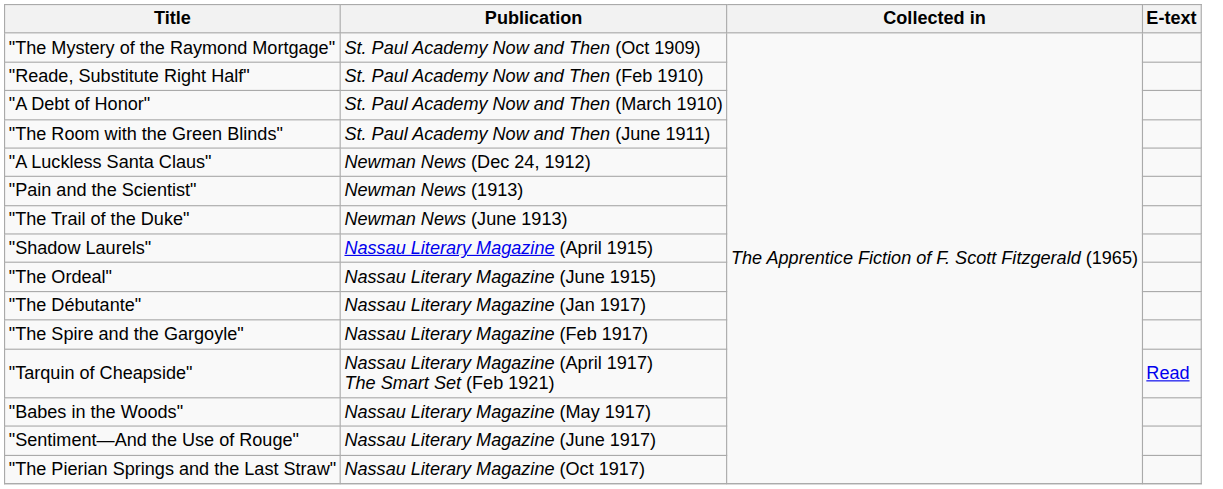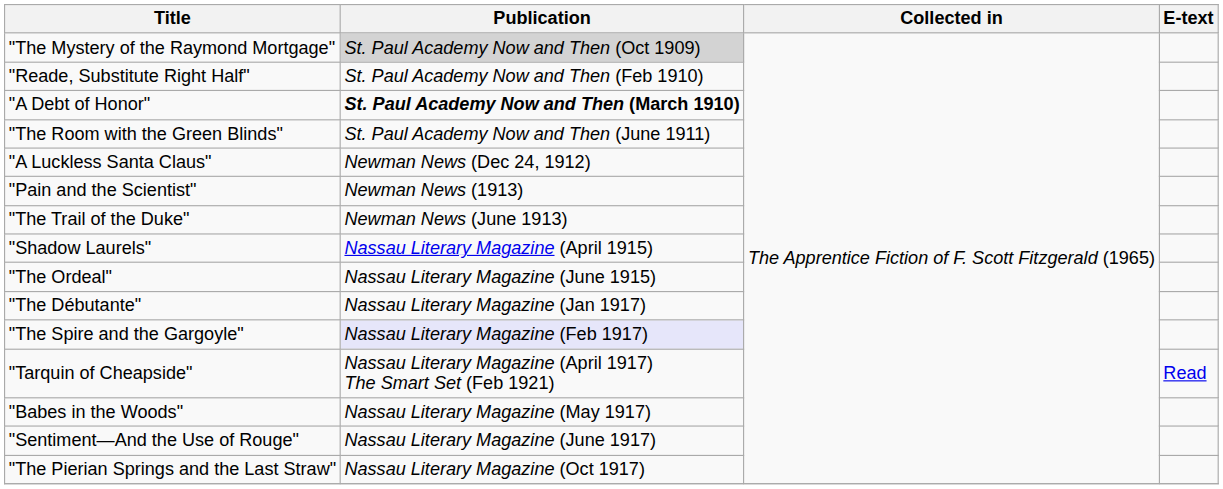 <table class="wikitable">
 <tr>
 <th>Title</th>
 <th>Publication</th>
 <th>Collected in</th>
 <th>E-text</th>
 </tr>
 <tr>
 <td>"The Mystery of the Raymond Mortgage"</td>
-<td><em>St. Paul Academy Now and Then</em> (Oct 1909)</td>
+<td style="background: lightgrey;"><em>St. Paul Academy Now and Then</em> (Oct 1909)</td>
 <td rowspan=15><em>The Apprentice Fiction of F. Scott Fitzgerald</em> (1965)</td>
 <td></td>
 </tr>
 <tr>
 <td>"Reade, Substitute Right Half"</td>
 <td><em>St. Paul Academy Now and Then</em> (Feb 1910)</td>
 <td></td>
 </tr>
 <tr>
 <td>"A Debt of Honor"</td>
-<td><em>St. Paul Academy Now and Then</em> (March 1910)</td>
+<td><strong><em>St. Paul Academy Now and Then</em> (March 1910)</strong></td>
 <td></td>
 </tr>
 <tr>
 <td>"The Room with the Green Blinds"</td>
 <td><em>St. Paul Academy Now and Then</em> (June 1911)</td>
 <td></td>
 </tr>
 <tr>
 <td>"A Luckless Santa Claus"</td>
 <td><em>Newman News</em> (Dec 24, 1912)</td>
 <td></td>
 </tr>
 <tr>
 <td>"Pain and the Scientist"</td>
 <td><em>Newman News</em>  (1913)</td>
 <td></td>
 </tr>
 <tr>
 <td>"The Trail of the Duke"</td>
 <td><em>Newman News</em> (June 1913)</td>
 <td></td>
 </tr>
 <tr>
 <td>"Shadow Laurels"</td>
 <td><em><a href='#'>Nassau Literary Magazine</a></em> (April 1915)</td>
 <td></td>
 </tr>
 <tr>
 <td>"The Ordeal"</td>
 <td><em>Nassau Literary Magazine</em> (June 1915)</td>
 <td></td>
 </tr>
 <tr>
 <td>"The Débutante"</td>
 <td><em>Nassau Literary Magazine</em> (Jan 1917)</td>
 <td></td>
 </tr>
 <tr>
 <td>"The Spire and the Gargoyle"</td>
-<td><em>Nassau Literary Magazine</em> (Feb 1917)</td>
+<td style="background: lavender;"><em>Nassau Literary Magazine</em> (Feb 1917)</td>
 <td></td>
 </tr>
 <tr>
 <td>"Tarquin of Cheapside"</td>
 <td><em>Nassau Literary Magazine</em> (April 1917)<br><em>The Smart Set</em> (Feb 1921)</td>
 <td><a href='#'>Read</a></td>
 </tr>
 <tr>
 <td>"Babes in the Woods"</td>
 <td><em>Nassau Literary Magazine</em> (May 1917)</td>
 <td></td>
 </tr>
 <tr>
 <td>"Sentiment—And the Use of Rouge"</td>
 <td><em>Nassau Literary Magazine</em> (June 1917)</td>
 <td></td>
 </tr>
 <tr>
 <td>"The Pierian Springs and the Last Straw"</td>
 <td><em>Nassau Literary Magazine</em> (Oct 1917)</td>
 <td></td>
 </tr>
 <tr>
 </tr>
 </table>
